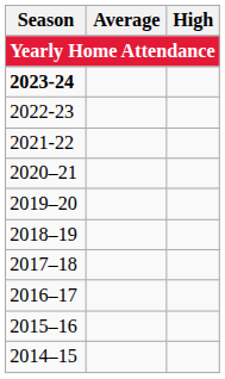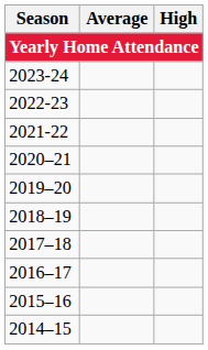 <table class="wikitable">
 <tr>
 <th>Season</th>
 <th>Average</th>
 <th>High</th>
 </tr>
 <tr>
 <th colspan=3 style="background:#E31937; color:white;">Yearly Home Attendance</th>
 </tr>
 <tr>
-<td><strong>2023-24</strong></td>
+<td>2023-24</td>
 <td></td>
 <td></td>
 </tr>
 <tr>
 <td>2022-23</td>
 <td></td>
 <td></td>
 </tr>
 <tr>
 <td>2021-22</td>
 <td></td>
 <td></td>
 </tr>
 <tr>
 <td>2020–21</td>
 <td></td>
 <td></td>
 </tr>
 <tr>
 <td>2019–20</td>
 <td></td>
 <td></td>
 </tr>
 <tr>
 <td>2018–19</td>
 <td></td>
 <td></td>
 </tr>
 <tr>
 <td>2017–18</td>
 <td></td>
 <td></td>
 </tr>
 <tr>
 <td>2016–17</td>
 <td></td>
 <td></td>
 </tr>
 <tr>
 <td>2015–16</td>
 <td></td>
 <td></td>
 </tr>
 <tr>
 <td>2014–15</td>
 <td></td>
 <td></td>
 </tr>
 </table>
